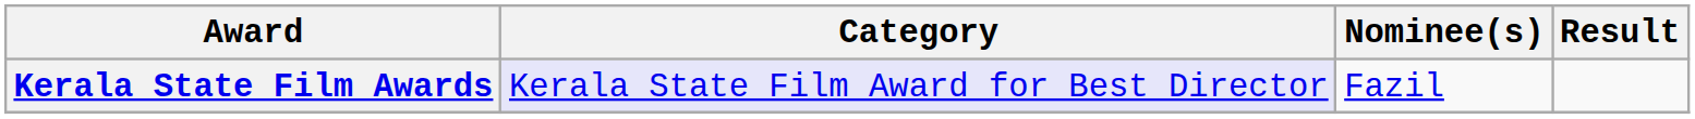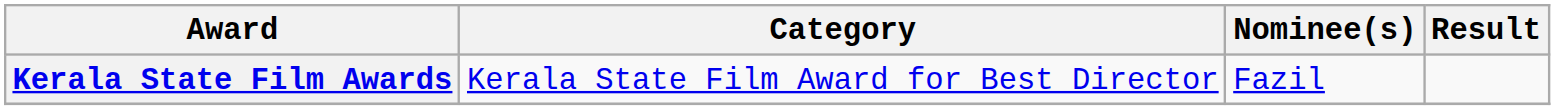 <table class="wikitable plainrowheaders sortable">
 <tr>
 <th scope="col" class="unsortable">Award</th>
 <th scope="col" class="unsortable">Category</th>
 <th scope="col" class="unsortable">Nominee(s)</th>
 <th scope="col" class="unsortable">Result</th>
 </tr>
 <tr>
 <th scope="row" rowspan="1"><a href='#'>Kerala State Film Awards</a></th>
-<td style="background: lavender;"><a href='#'>Kerala State Film Award for Best Director</a></td>
+<td><a href='#'>Kerala State Film Award for Best Director</a></td>
 <td><a href='#'>Fazil</a></td>
 <td></td>
 </tr>
 <tr>
 </tr>
 </table>
